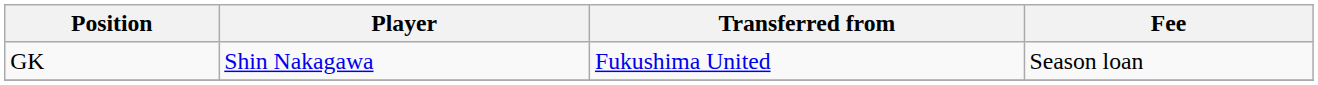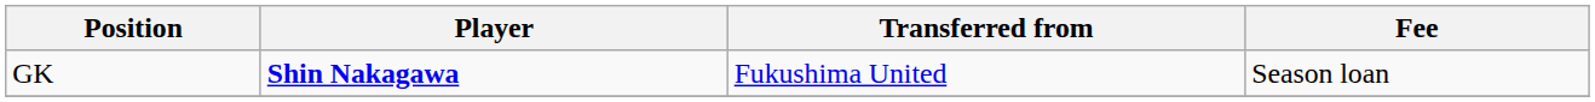 <table class="wikitable sortable" style="width:70%; text-align:center; font-size:100%; text-align:left;">
 <tr>
 <th>Position</th>
 <th>Player</th>
 <th>Transferred from</th>
 <th>Fee</th>
 </tr>
 <tr>
 <td>GK</td>
-<td> <a href='#'>Shin Nakagawa</a></td>
+<td><strong> <a href='#'>Shin Nakagawa</a></strong></td>
 <td> <a href='#'>Fukushima United</a></td>
 <td>Season loan </td>
 </tr>
 <tr>
 </tr>
 </table>
